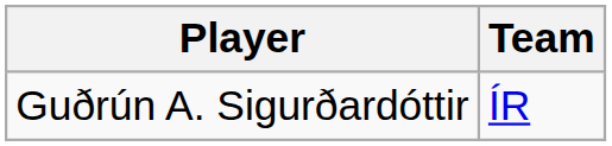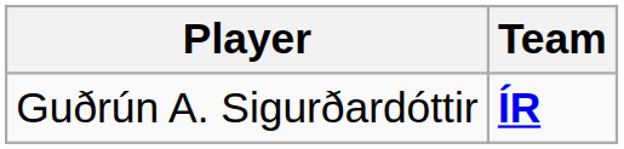 <table class="wikitable">
 <tr>
 <th align="center">Player</th>
 <th align="center">Team</th>
 </tr>
 <tr>
 <td> Guðrún A. Sigurðardóttir</td>
-<td><a href='#'>ÍR</a></td>
+<td><strong><a href='#'>ÍR</a></strong></td>
 </tr>
 </table>
